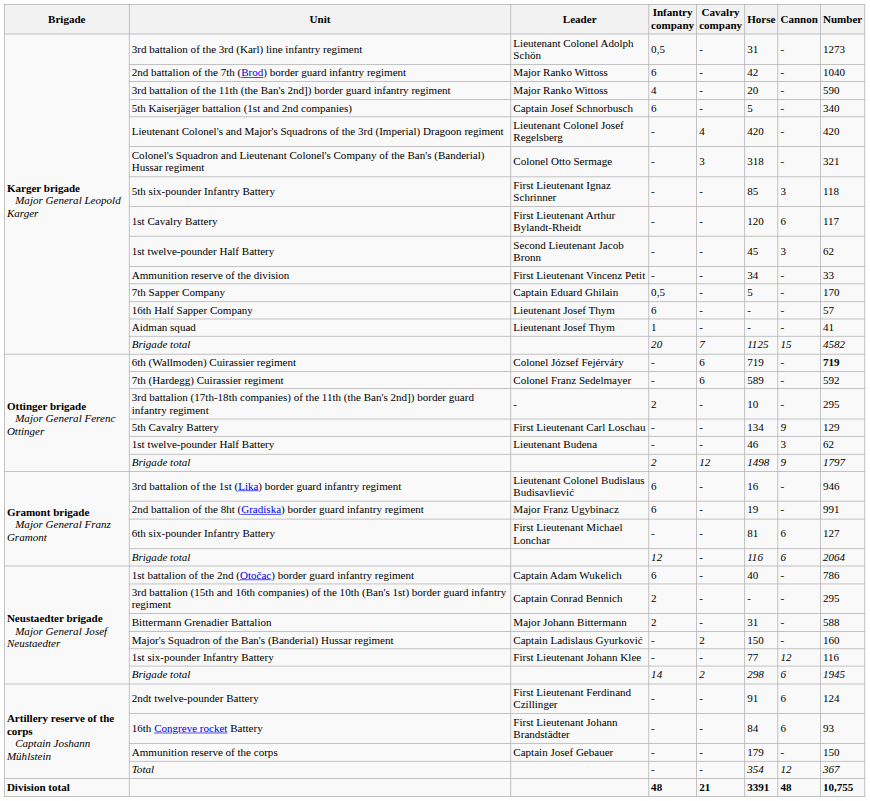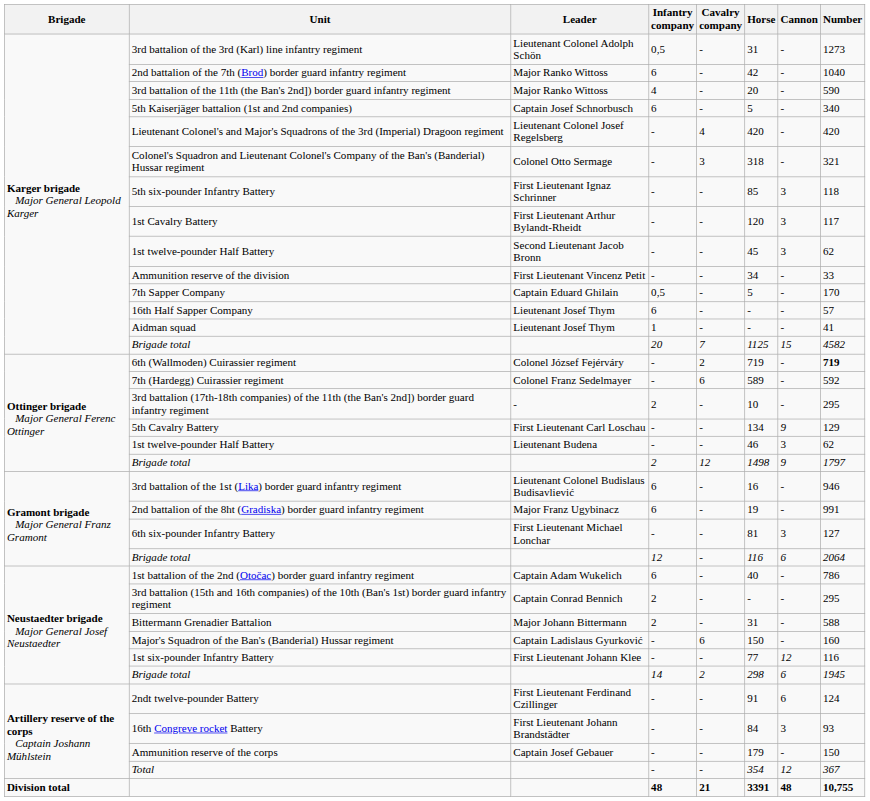 <table class="wikitable">
 <tr>
 <th width=18%>Brigade</th>
 <th width=62%>Unit</th>
 <th width=30%>Leader</th>
 <th width=>Infantry company</th>
 <th width=>Cavalry company</th>
 <th width=>Horse</th>
 <th width=>Cannon</th>
 <th width=>Number</th>
 </tr>
 <tr>
 <td rowspan=14><br><strong>Karger brigade</strong> <br>   <em>Major General Leopold Karger</em></td>
 <td>3rd battalion of the 3rd (Karl) line infantry regiment</td>
 <td>Lieutenant Colonel Adolph Schön</td>
 <td>0,5</td>
 <td>-</td>
 <td>31</td>
 <td>-</td>
 <td>1273</td>
 </tr>
 <tr>
 <td>2nd battalion of the 7th (<a href='#'>Brod</a>) border guard infantry regiment</td>
 <td>Major Ranko Wittoss</td>
 <td>6</td>
 <td>-</td>
 <td>42</td>
 <td>-</td>
 <td>1040</td>
 </tr>
 <tr>
 <td>3rd battalion of the 11th (the Ban's 2nd]) border guard infantry regiment</td>
 <td>Major Ranko Wittoss</td>
 <td>4</td>
 <td>-</td>
 <td>20</td>
 <td>-</td>
 <td>590</td>
 </tr>
 <tr>
 <td>5th Kaiserjäger battalion (1st and 2nd companies)</td>
 <td>Captain Josef Schnorbusch</td>
 <td>6</td>
 <td>-</td>
 <td>5</td>
 <td>-</td>
 <td>340</td>
 </tr>
 <tr>
 <td>Lieutenant Colonel's and Major's Squadrons of the 3rd (Imperial) Dragoon regiment</td>
 <td>Lieutenant Colonel Josef Regelsberg</td>
 <td>-</td>
 <td>4</td>
 <td>420</td>
 <td>-</td>
 <td>420</td>
 </tr>
 <tr>
 <td>Colonel's Squadron and Lieutenant Colonel's Company of the Ban's (Banderial) Hussar regiment</td>
 <td>Colonel Otto Sermage</td>
 <td>-</td>
 <td>3</td>
 <td>318</td>
 <td>-</td>
 <td>321</td>
 </tr>
 <tr>
 <td>5th six-pounder Infantry Battery</td>
 <td>First Lieutenant Ignaz Schrinner</td>
 <td>-</td>
 <td>-</td>
 <td>85</td>
 <td>3</td>
 <td>118</td>
 </tr>
 <tr>
 <td>1st Cavalry Battery</td>
 <td>First Lieutenant Arthur Bylandt-Rheidt</td>
 <td>-</td>
 <td>-</td>
 <td>120</td>
-<td>6</td>
+<td>3</td>
 <td>117</td>
 </tr>
 <tr>
 <td>1st twelve-pounder Half Battery</td>
 <td>Second Lieutenant Jacob Bronn</td>
 <td>-</td>
 <td>-</td>
 <td>45</td>
 <td>3</td>
 <td>62</td>
 </tr>
 <tr>
 <td>Ammunition reserve of the division</td>
 <td>First Lieutenant Vincenz Petit</td>
 <td>-</td>
 <td>-</td>
 <td>34</td>
 <td>-</td>
 <td>33</td>
 </tr>
 <tr>
 <td>7th Sapper Company</td>
 <td>Captain Eduard Ghilain</td>
 <td>0,5</td>
 <td>-</td>
 <td>5</td>
 <td>-</td>
 <td>170</td>
 </tr>
 <tr>
 <td>16th Half Sapper Company</td>
 <td>Lieutenant Josef Thym</td>
 <td>6</td>
 <td>-</td>
 <td>-</td>
 <td>-</td>
 <td>57</td>
 </tr>
 <tr>
 <td>Aidman squad</td>
 <td>Lieutenant Josef Thym</td>
 <td>1</td>
 <td>-</td>
 <td>-</td>
 <td>-</td>
 <td>41</td>
 </tr>
 <tr>
 <td><em>Brigade total</em></td>
 <td></td>
 <td><em>20</em></td>
 <td><em>7</em></td>
 <td><em>1125</em></td>
 <td><em>15</em></td>
 <td><em>4582</em></td>
 </tr>
 <tr>
 <td rowspan=6><br><strong>Ottinger brigade</strong> <br>   <em>Major General Ferenc Ottinger</em></td>
 <td>6th (Wallmoden) Cuirassier regiment</td>
 <td>Colonel József Fejérváry</td>
 <td>-</td>
-<td>6</td>
+<td>2</td>
 <td>719</td>
 <td>-</td>
 <td><strong>719</strong></td>
 </tr>
 <tr>
 <td>7th (Hardegg) Cuirassier regiment</td>
 <td>Colonel Franz Sedelmayer</td>
 <td>-</td>
 <td>6</td>
 <td>589</td>
 <td>-</td>
 <td>592</td>
 </tr>
 <tr>
 <td>3rd battalion (17th-18th companies) of the 11th (the Ban's 2nd]) border guard infantry regiment</td>
 <td>-</td>
 <td>2</td>
 <td>-</td>
 <td>10</td>
 <td>-</td>
 <td>295</td>
 </tr>
 <tr>
 <td>5th Cavalry Battery</td>
 <td>First Lieutenant Carl Loschau</td>
 <td>-</td>
 <td>-</td>
 <td>134</td>
 <td><em>9</em></td>
 <td>129</td>
 </tr>
 <tr>
 <td>1st twelve-pounder Half Battery</td>
 <td>Lieutenant Budena</td>
 <td>-</td>
 <td>-</td>
 <td>46</td>
 <td>3</td>
 <td>62</td>
 </tr>
 <tr>
 <td><em>Brigade total</em></td>
 <td></td>
 <td><em>2</em></td>
 <td><em>12</em></td>
 <td><em>1498</em></td>
 <td><em>9</em></td>
 <td><em>1797</em></td>
 </tr>
 <tr>
 <td rowspan=4><br><strong>Gramont brigade</strong> <br>   <em>Major General Franz Gramont</em></td>
 <td>3rd battalion of the 1st (<a href='#'>Lika</a>) border guard infantry regiment</td>
 <td>Lieutenant Colonel Budislaus Budisavliević</td>
 <td>6</td>
 <td>-</td>
 <td>16</td>
 <td>-</td>
 <td>946</td>
 </tr>
 <tr>
 <td>2nd battalion of the 8ht (<a href='#'>Gradiska</a>) border guard infantry regiment</td>
 <td>Major Franz Ugybinacz</td>
 <td>6</td>
 <td>-</td>
 <td>19</td>
 <td>-</td>
 <td>991</td>
 </tr>
 <tr>
 <td>6th six-pounder Infantry Battery</td>
 <td>First Lieutenant Michael Lonchar</td>
 <td>-</td>
 <td>-</td>
 <td>81</td>
-<td>6</td>
+<td>3</td>
 <td>127</td>
 </tr>
 <tr>
 <td><em>Brigade total</em></td>
 <td></td>
 <td><em>12</em></td>
 <td>-</td>
 <td><em>116</em></td>
 <td><em>6</em></td>
 <td><em>2064</em></td>
 </tr>
 <tr>
 <td rowspan=6><br><strong>Neustaedter brigade</strong> <br>   <em>Major General Josef Neustaedter</em></td>
 <td>1st battalion of the 2nd (<a href='#'>Otočac</a>) border guard infantry regiment</td>
 <td>Captain Adam Wukelich</td>
 <td>6</td>
 <td>-</td>
 <td>40</td>
 <td>-</td>
 <td>786</td>
 </tr>
 <tr>
 <td>3rd battalion (15th and 16th companies) of the 10th (Ban's 1st) border guard infantry regiment</td>
 <td>Captain Conrad Bennich</td>
 <td>2</td>
 <td>-</td>
 <td>-</td>
 <td>-</td>
 <td>295</td>
 </tr>
 <tr>
 <td>Bittermann Grenadier Battalion</td>
 <td>Major Johann Bittermann</td>
 <td>2</td>
 <td>-</td>
 <td>31</td>
 <td>-</td>
 <td>588</td>
 </tr>
 <tr>
 <td>Major's Squadron of the Ban's (Banderial) Hussar regiment</td>
 <td>Captain Ladislaus Gyurković</td>
 <td>-</td>
-<td>2</td>
+<td>6</td>
 <td>150</td>
 <td>-</td>
 <td>160</td>
 </tr>
 <tr>
 <td>1st six-pounder Infantry Battery</td>
 <td>First Lieutenant Johann Klee</td>
 <td>-</td>
 <td>-</td>
 <td>77</td>
 <td><em>12</em></td>
 <td>116</td>
 </tr>
 <tr>
 <td><em>Brigade total</em></td>
 <td></td>
 <td><em>14</em></td>
 <td><em>2</em></td>
 <td><em>298</em></td>
 <td><em>6</em></td>
 <td><em>1945</em></td>
 </tr>
 <tr>
 <td rowspan=4><br><strong>Artillery reserve of the corps</strong> <br>   <em>Captain Joshann Mühlstein</em></td>
 <td>2ndt twelve-pounder Battery</td>
 <td>First Lieutenant Ferdinand Czillinger</td>
 <td>-</td>
 <td>-</td>
 <td>91</td>
 <td>6</td>
 <td>124</td>
 </tr>
 <tr>
 <td>16th <a href='#'>Congreve rocket</a> Battery</td>
 <td>First Lieutenant Johann Brandstädter</td>
 <td>-</td>
 <td>-</td>
 <td>84</td>
-<td>6</td>
+<td>3</td>
 <td>93</td>
 </tr>
 <tr>
 <td>Ammunition reserve of the corps</td>
 <td>Captain Josef Gebauer</td>
 <td>-</td>
 <td>-</td>
 <td>179</td>
 <td>-</td>
 <td>150</td>
 </tr>
 <tr>
 <td><em>Total</em></td>
 <td></td>
 <td>-</td>
 <td>-</td>
 <td><em>354</em></td>
 <td><em>12</em></td>
 <td><em>367</em></td>
 </tr>
 <tr>
 <td><strong>Division total</strong></td>
 <td></td>
 <td></td>
 <td><strong>48</strong></td>
 <td><strong>21</strong></td>
 <td><strong>3391</strong></td>
 <td><strong>48</strong></td>
 <td><strong>10,755</strong></td>
 </tr>
 </table>
